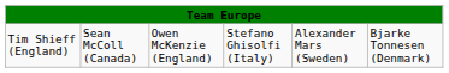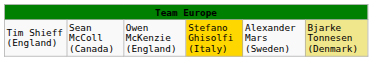 <table class="wikitable" style="width:40%; text-align=center;">
 <tr>
 <th colspan="6" style="background:green;">Team Europe</th>
 </tr>
 <tr>
 <td style="width:10%;">Tim Shieff (England)</td>
 <td style="width:10%;">Sean McColl (Canada)</td>
 <td style="width:10%;">Owen McKenzie (England)</td>
-<td style="width:10%;">Stefano Ghisolfi (Italy)</td>
+<td style="background: gold; width:10%;">Stefano Ghisolfi (Italy)</td>
 <td style="width:10%;">Alexander Mars (Sweden)</td>
-<td style="width:10%;">Bjarke Tonnesen (Denmark)</td>
+<td style="background: khaki; width:10%;">Bjarke Tonnesen (Denmark)</td>
 </tr>
 </table>
